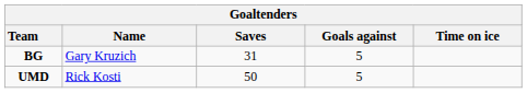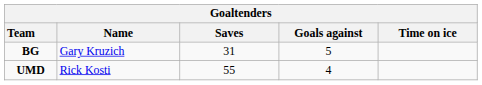 <table class="wikitable" style="width:40em; text-align:right;">
 <tr>
 <th colspan=5>Goaltenders</th>
 </tr>
 <tr>
 <th style="width:4em; text-align:left;">Team</th>
 <th style="width:10em;">Name</th>
 <th style="width:8em;">Saves</th>
 <th style="width:8em;">Goals against</th>
 <th style="width:8em;">Time on ice</th>
 </tr>
 <tr>
 <td align=center><strong>BG</strong></td>
 <td style="text-align:left;"><a href='#'>Gary Kruzich</a></td>
 <td align=center>31</td>
 <td align=center>5</td>
 <td align=center></td>
 </tr>
 <tr>
 <td align=center><strong>UMD</strong></td>
 <td style="text-align:left;"><a href='#'>Rick Kosti</a></td>
-<td align=center>50</td>
-<td align=center>5</td>
+<td align=center>55</td>
+<td align=center>4</td>
 <td align=center></td>
 </tr>
 </table>
